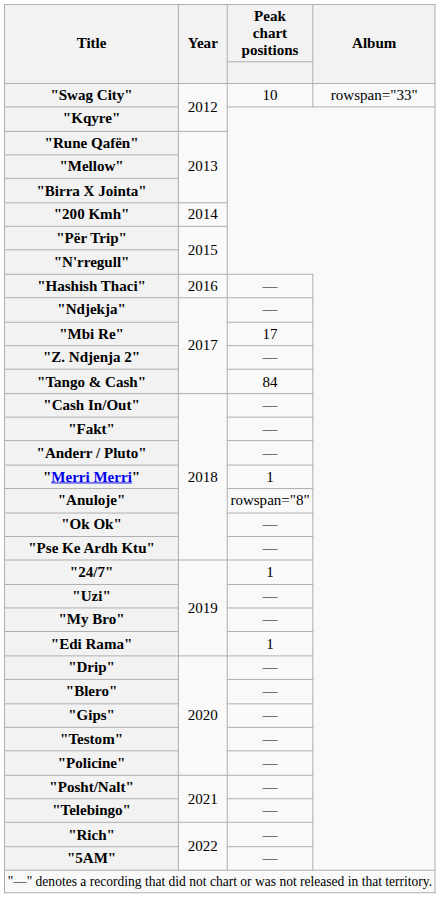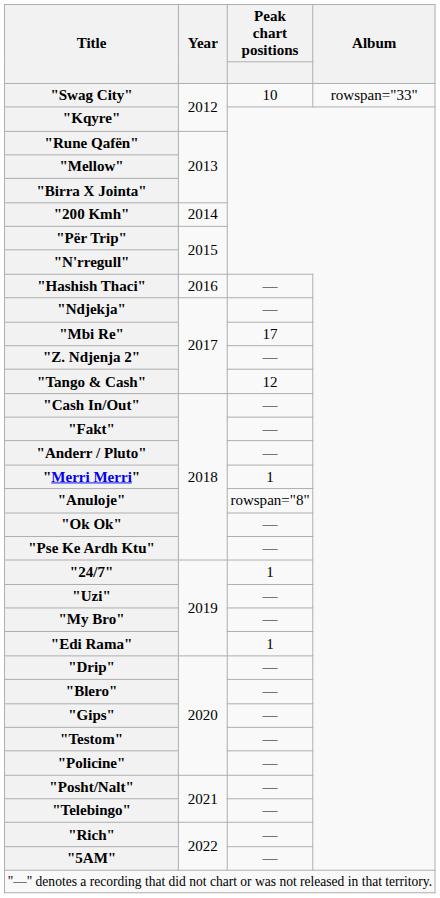 <table class="wikitable plainrowheaders" style="text-align:center;">
 <tr>
 <th scope="col" rowspan="2">Title</th>
 <th scope="col" rowspan="2">Year</th>
 <th scope="col" colspan="1">Peak<br>chart<br>positions</th>
 <th scope="col" rowspan="2">Album</th>
 </tr>
 <tr>
 <th scope="col" style="width:3em;font-size:85%;"><a href='#'></a><br></th>
 </tr>
 <tr>
 <th scope="row">"Swag City"</th>
 <td rowspan="2">2012</td>
 <td>10</td>
 <td>rowspan="33" </td>
 </tr>
 <tr>
 <th scope="row">"Kqyre"</th>
 </tr>
 <tr>
 <th scope="row">"Rune Qafën"</th>
 <td rowspan="3">2013</td>
 </tr>
 <tr>
 <th scope="row">"Mellow"</th>
 </tr>
 <tr>
 <th scope="row">"Birra X Jointa"</th>
 </tr>
 <tr>
 <th scope="row">"200 Kmh"</th>
 <td>2014</td>
 </tr>
 <tr>
 <th scope="row">"Për Trip"</th>
 <td rowspan="2">2015</td>
 </tr>
 <tr>
 <th scope="row">"N'rregull"</th>
 </tr>
 <tr>
 <th scope="row">"Hashish Thaci"</th>
 <td>2016</td>
 <td>—</td>
 </tr>
 <tr>
 <th scope="row">"Ndjekja"</th>
 <td rowspan="4">2017</td>
 <td>—</td>
 </tr>
 <tr>
 <th scope="row">"Mbi Re"<br></th>
 <td>17</td>
 </tr>
 <tr>
 <th scope="row">"Z. Ndjenja 2"</th>
 <td>—</td>
 </tr>
 <tr>
 <th scope="row">"Tango & Cash"<br></th>
-<td>84</td>
+<td>12</td>
 </tr>
 <tr>
 <th scope="row">"Cash In/Out"<br></th>
 <td rowspan="7">2018</td>
 <td>—</td>
 </tr>
 <tr>
 <th scope="row">"Fakt"</th>
 <td>—</td>
 </tr>
 <tr>
 <th scope="row">"Anderr / Pluto"</th>
 <td>—</td>
 </tr>
 <tr>
 <th scope="row">"<a href='#'>Merri Merri</a>"<br></th>
 <td>1</td>
 </tr>
 <tr>
 <th scope="row">"Anuloje"<br></th>
 <td>rowspan="8" </td>
 </tr>
 <tr>
 <th scope="row">"Ok Ok"</th>
 <td>—</td>
 </tr>
 <tr>
 <th scope="row">"Pse Ke Ardh Ktu"</th>
 <td>—</td>
 </tr>
 <tr>
 <th scope="row">"24/7"</th>
 <td rowspan="4">2019</td>
 <td>1</td>
 </tr>
 <tr>
 <th scope="row">"Uzi"<br></th>
 <td>—</td>
 </tr>
 <tr>
 <th scope="row">"My Bro"<br></th>
 <td>—</td>
 </tr>
 <tr>
 <th scope="row">"Edi Rama"</th>
 <td>1</td>
 </tr>
 <tr>
 <th scope="row">"Drip"<br></th>
 <td rowspan="5">2020</td>
 <td>—</td>
 </tr>
 <tr>
 <th scope="row">"Blero"<br></th>
 <td>—</td>
 </tr>
 <tr>
 <th scope="row">"Gips"</th>
 <td>—</td>
 </tr>
 <tr>
 <th scope="row">"Testom"</th>
 <td>—</td>
 </tr>
 <tr>
 <th scope="row">"Policine"</th>
 <td>—</td>
 </tr>
 <tr>
 <th scope="row">"Posht/Nalt"</th>
 <td rowspan="2">2021</td>
 <td>—</td>
 </tr>
 <tr>
 <th scope="row">"Telebingo"</th>
 <td>—</td>
 </tr>
 <tr>
 <th scope="row">"Rich"</th>
 <td rowspan="2">2022</td>
 <td>—</td>
 </tr>
 <tr>
 <th scope="row">"5AM"<br></th>
 <td>—</td>
 </tr>
 <tr>
 <td colspan="4" style="font-size:90%">"—" denotes a recording that did not chart or was not released in that territory.</td>
 </tr>
 </table>
